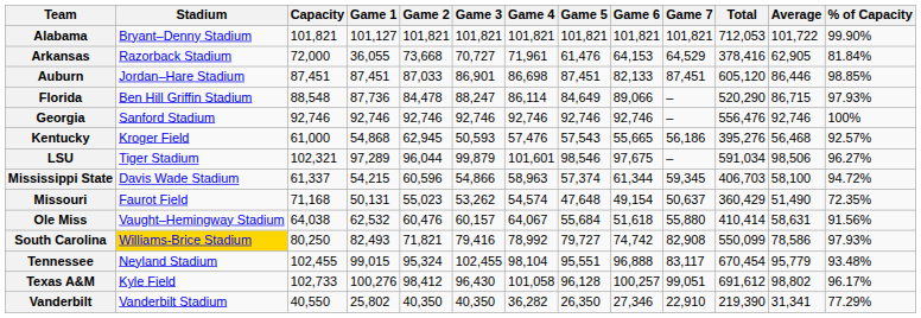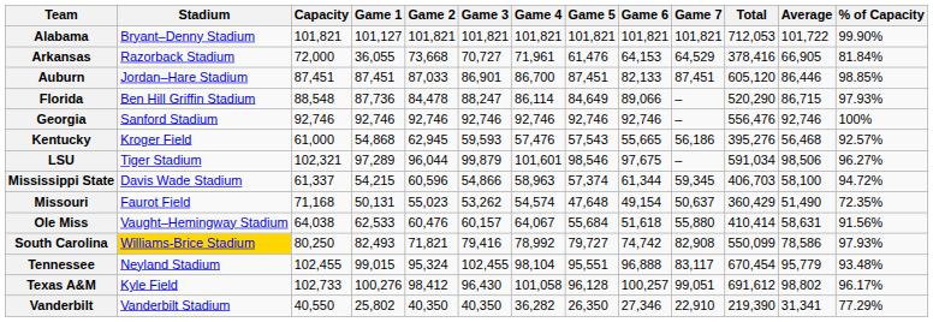 <table class="wikitable sortable">
 <tr>
 <th>Team</th>
 <th>Stadium</th>
 <th>Capacity</th>
 <th>Game 1</th>
 <th>Game 2</th>
 <th>Game 3</th>
 <th>Game 4</th>
 <th>Game 5</th>
 <th>Game 6</th>
 <th>Game 7</th>
 <th>Total</th>
 <th>Average</th>
 <th>% of Capacity</th>
 </tr>
 <tr>
 <th>Alabama</th>
 <td><a href='#'>Bryant–Denny Stadium</a></td>
 <td>101,821</td>
 <td>101,127</td>
 <td>101,821</td>
 <td>101,821</td>
 <td>101,821</td>
 <td>101,821</td>
 <td>101,821</td>
 <td>101,821</td>
 <td>712,053</td>
 <td>101,722</td>
 <td>99.90%</td>
 </tr>
 <tr>
 <th>Arkansas</th>
 <td><a href='#'>Razorback Stadium</a></td>
 <td>72,000</td>
 <td>36,055</td>
 <td>73,668</td>
 <td>70,727</td>
 <td>71,961</td>
 <td>61,476</td>
 <td>64,153</td>
 <td>64,529</td>
 <td>378,416</td>
-<td>62,905</td>
+<td>66,905</td>
 <td>81.84%</td>
 </tr>
 <tr>
 <th>Auburn</th>
 <td><a href='#'>Jordan–Hare Stadium</a></td>
 <td>87,451</td>
 <td>87,451</td>
 <td>87,033</td>
 <td>86,901</td>
-<td>86,698</td>
+<td>86,700</td>
 <td>87,451</td>
 <td>82,133</td>
 <td>87,451</td>
 <td>605,120</td>
 <td>86,446</td>
 <td>98.85%</td>
 </tr>
 <tr>
 <th>Florida</th>
 <td><a href='#'>Ben Hill Griffin Stadium</a></td>
 <td>88,548</td>
 <td>87,736</td>
 <td>84,478</td>
 <td>88,247</td>
 <td>86,114</td>
 <td>84,649</td>
 <td>89,066</td>
 <td>–</td>
 <td>520,290</td>
 <td>86,715</td>
 <td>97.93%</td>
 </tr>
 <tr>
 <th>Georgia</th>
 <td><a href='#'>Sanford Stadium</a></td>
 <td>92,746</td>
 <td>92,746</td>
 <td>92,746</td>
 <td>92,746</td>
 <td>92,746</td>
 <td>92,746</td>
 <td>92,746</td>
 <td>–</td>
 <td>556,476</td>
 <td>92,746</td>
 <td>100%</td>
 </tr>
 <tr>
 <th>Kentucky</th>
 <td><a href='#'>Kroger Field</a></td>
 <td>61,000</td>
 <td>54,868</td>
 <td>62,945</td>
-<td>50,593</td>
+<td>59,593</td>
 <td>57,476</td>
 <td>57,543</td>
 <td>55,665</td>
 <td>56,186</td>
 <td>395,276</td>
 <td>56,468</td>
 <td>92.57%</td>
 </tr>
 <tr>
 <th>LSU</th>
 <td><a href='#'>Tiger Stadium</a></td>
 <td>102,321</td>
 <td>97,289</td>
 <td>96,044</td>
 <td>99,879</td>
 <td>101,601</td>
 <td>98,546</td>
 <td>97,675</td>
 <td>–</td>
 <td>591,034</td>
 <td>98,506</td>
 <td>96.27%</td>
 </tr>
 <tr>
 <th>Mississippi State</th>
 <td><a href='#'>Davis Wade Stadium</a></td>
 <td>61,337</td>
 <td>54,215</td>
 <td>60,596</td>
 <td>54,866</td>
 <td>58,963</td>
 <td>57,374</td>
 <td>61,344</td>
 <td>59,345</td>
 <td>406,703</td>
 <td>58,100</td>
 <td>94.72%</td>
 </tr>
 <tr>
 <th>Missouri</th>
 <td><a href='#'>Faurot Field</a></td>
 <td>71,168</td>
 <td>50,131</td>
 <td>55,023</td>
 <td>53,262</td>
 <td>54,574</td>
 <td>47,648</td>
 <td>49,154</td>
 <td>50,637</td>
 <td>360,429</td>
 <td>51,490</td>
 <td>72.35%</td>
 </tr>
 <tr>
 <th>Ole Miss</th>
 <td><a href='#'>Vaught–Hemingway Stadium</a></td>
 <td>64,038</td>
-<td>62,532</td>
+<td>62,533</td>
 <td>60,476</td>
 <td>60,157</td>
 <td>64,067</td>
 <td>55,684</td>
 <td>51,618</td>
 <td>55,880</td>
 <td>410,414</td>
 <td>58,631</td>
 <td>91.56%</td>
 </tr>
 <tr>
 <th>South Carolina</th>
 <td style="background: gold;"><a href='#'>Williams-Brice Stadium</a></td>
 <td>80,250</td>
 <td>82,493</td>
 <td>71,821</td>
 <td>79,416</td>
 <td>78,992</td>
 <td>79,727</td>
 <td>74,742</td>
 <td>82,908</td>
 <td>550,099</td>
 <td>78,586</td>
 <td>97.93%</td>
 </tr>
 <tr>
 <th>Tennessee</th>
 <td><a href='#'>Neyland Stadium</a></td>
 <td>102,455</td>
 <td>99,015</td>
 <td>95,324</td>
 <td>102,455</td>
 <td>98,104</td>
 <td>95,551</td>
 <td>96,888</td>
 <td>83,117</td>
 <td>670,454</td>
 <td>95,779</td>
 <td>93.48%</td>
 </tr>
 <tr>
 <th>Texas A&M</th>
 <td><a href='#'>Kyle Field</a></td>
 <td>102,733</td>
 <td>100,276</td>
 <td>98,412</td>
 <td>96,430</td>
 <td>101,058</td>
 <td>96,128</td>
 <td>100,257</td>
 <td>99,051</td>
 <td>691,612</td>
 <td>98,802</td>
 <td>96.17%</td>
 </tr>
 <tr>
 <th>Vanderbilt</th>
 <td><a href='#'>Vanderbilt Stadium</a></td>
 <td>40,550</td>
 <td>25,802</td>
 <td>40,350</td>
 <td>40,350</td>
 <td>36,282</td>
 <td>26,350</td>
 <td>27,346</td>
 <td>22,910</td>
 <td>219,390</td>
 <td>31,341</td>
 <td>77.29%</td>
 </tr>
 </table>
